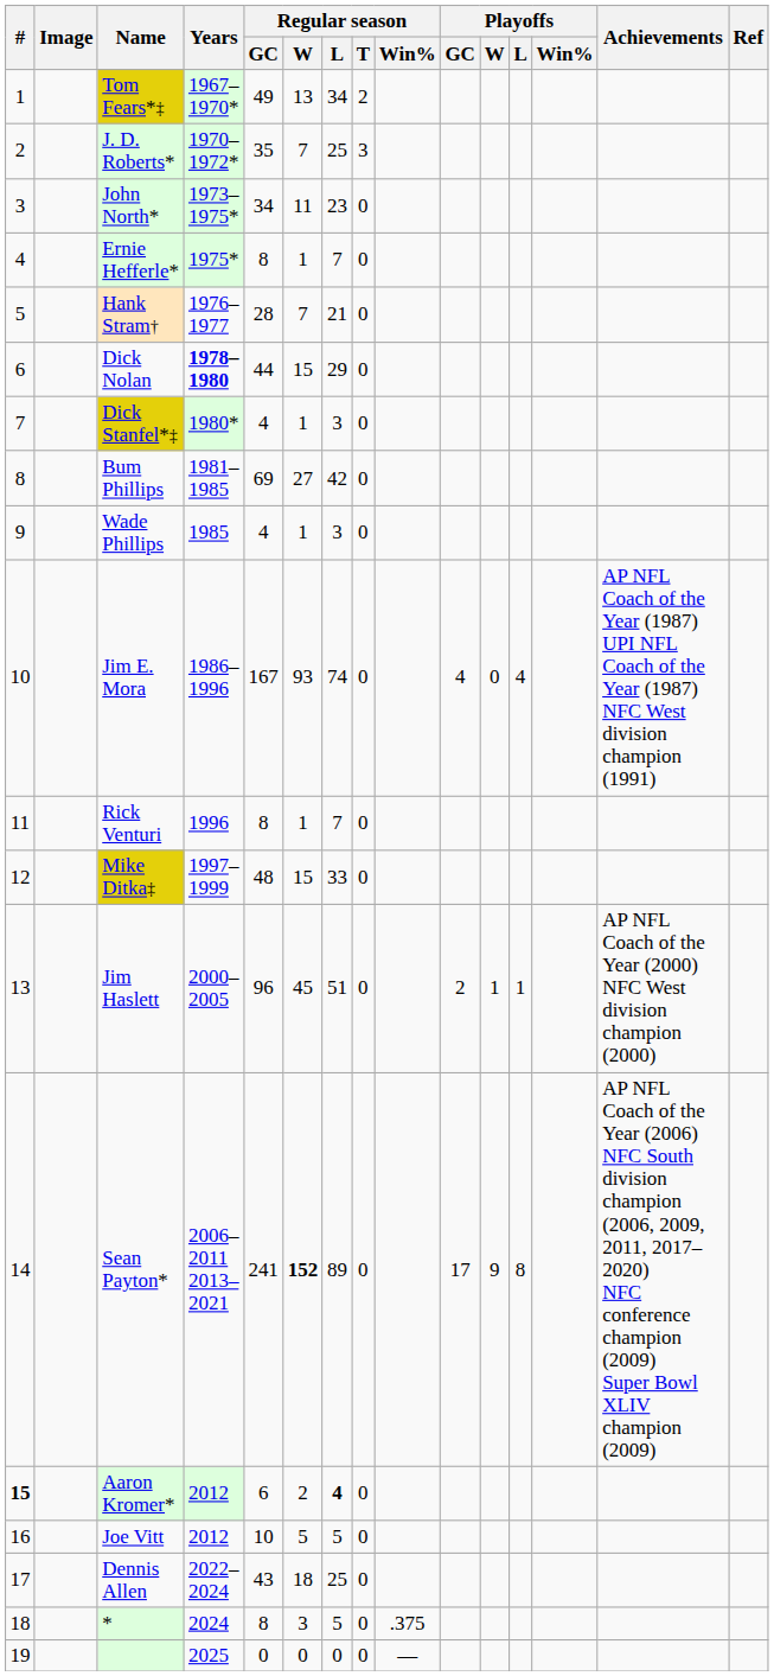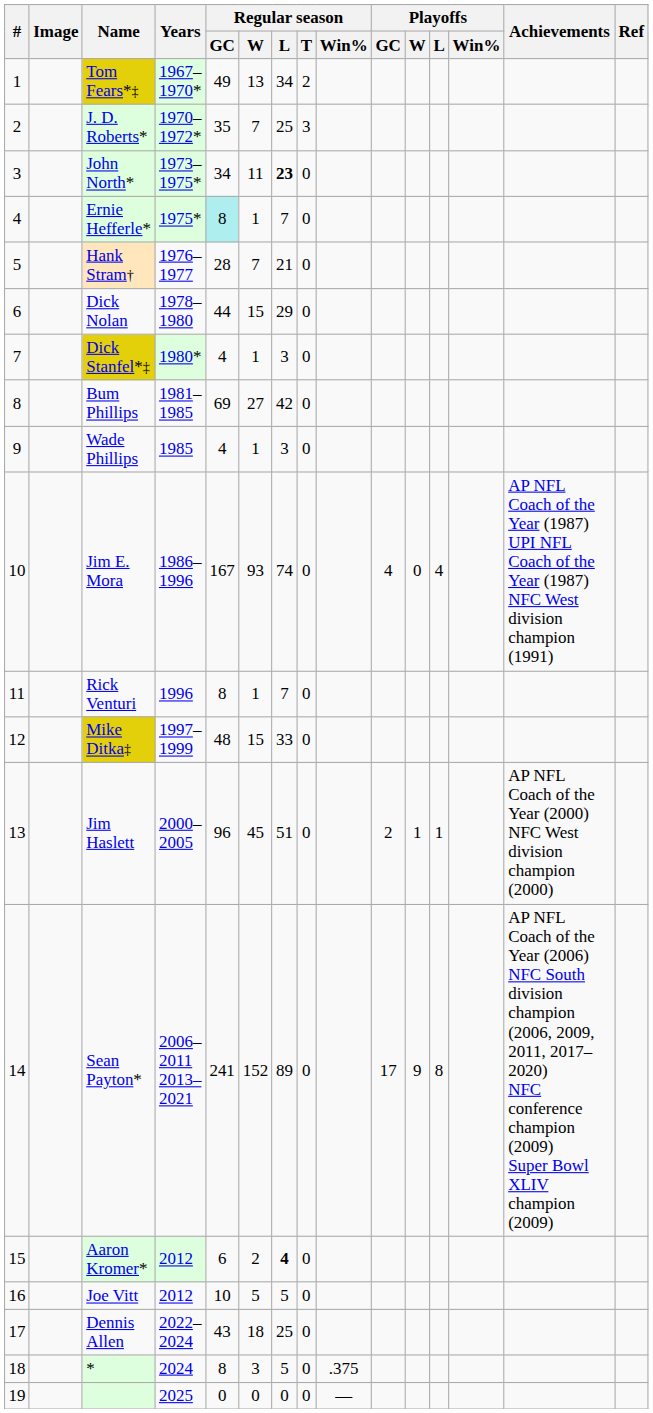 <table class="wikitable sortable" style="text-align:center;" border="1">
 <tr>
 <th rowspan="2">#</th>
 <th rowspan="2">Image</th>
 <th rowspan="2">Name</th>
 <th rowspan="2">Years</th>
 <th colspan="5">Regular season</th>
 <th colspan="4">Playoffs</th>
 <th rowspan="2">Achievements</th>
 <th rowspan="2">Ref</th>
 </tr>
 <tr>
 <th>GC</th>
 <th>W</th>
 <th>L</th>
 <th>T</th>
 <th>Win%</th>
 <th>GC</th>
 <th>W</th>
 <th>L</th>
 <th>Win%</th>
 </tr>
 <tr>
 <td>1</td>
 <td></td>
 <td style="text-align:left; background-color:#E4D00A;"><a href='#'>Tom Fears</a>*<small>‡</small></td>
 <td style="text-align:left; background-color:#ddffdd;"><a href='#'>1967</a>–<a href='#'>1970</a>*</td>
 <td>49</td>
 <td>13</td>
 <td>34</td>
 <td>2</td>
 <td></td>
 <td></td>
 <td></td>
 <td></td>
 <td></td>
 <td style="text-align:left;"></td>
 <td></td>
 </tr>
 <tr>
 <td>2</td>
 <td></td>
 <td style="text-align:left; background-color:#ddffdd;"><a href='#'>J. D. Roberts</a>*</td>
 <td style="text-align:left; background-color:#ddffdd;"><a href='#'>1970</a>–<a href='#'>1972</a>*</td>
 <td>35</td>
 <td>7</td>
 <td>25</td>
 <td>3</td>
 <td></td>
 <td></td>
 <td></td>
 <td></td>
 <td></td>
 <td style="text-align:left;"></td>
 <td></td>
 </tr>
 <tr>
 <td>3</td>
 <td></td>
 <td style="text-align:left; background-color:#ddffdd;"><a href='#'>John North</a>*</td>
 <td style="text-align:left; background-color:#ddffdd;"><a href='#'>1973</a>–<a href='#'>1975</a>*</td>
 <td>34</td>
 <td>11</td>
-<td>23</td>
+<td><strong>23</strong></td>
 <td>0</td>
 <td></td>
 <td></td>
 <td></td>
 <td></td>
 <td></td>
 <td style="text-align:left;"></td>
 <td></td>
 </tr>
 <tr>
 <td>4</td>
 <td></td>
 <td style="text-align:left; background-color:#ddffdd;"><a href='#'>Ernie Hefferle</a>*</td>
 <td style="text-align:left; background-color:#ddffdd;"><a href='#'>1975</a>*</td>
-<td>8</td>
+<td style="background: paleturquoise;">8</td>
 <td>1</td>
 <td>7</td>
 <td>0</td>
 <td></td>
 <td></td>
 <td></td>
 <td></td>
 <td></td>
 <td style="text-align:left;"></td>
 <td></td>
 </tr>
 <tr>
 <td>5</td>
 <td></td>
 <td style="text-align:left; background-color:#FFE6BD;"><a href='#'>Hank Stram</a><small>†</small></td>
 <td style="text-align:left;"><a href='#'>1976</a>–<a href='#'>1977</a></td>
 <td>28</td>
 <td>7</td>
 <td>21</td>
 <td>0</td>
 <td></td>
 <td></td>
 <td></td>
 <td></td>
 <td></td>
 <td style="text-align:left;"></td>
 <td></td>
 </tr>
 <tr>
 <td>6</td>
 <td></td>
 <td style="text-align:left;"><a href='#'>Dick Nolan</a></td>
-<td style="text-align:left;"><strong><a href='#'>1978</a>–<a href='#'>1980</a></strong></td>
+<td style="text-align:left;"><a href='#'>1978</a>–<a href='#'>1980</a></td>
 <td>44</td>
 <td>15</td>
 <td>29</td>
 <td>0</td>
 <td></td>
 <td></td>
 <td></td>
 <td></td>
 <td></td>
 <td style="text-align:left;"></td>
 <td></td>
 </tr>
 <tr>
 <td>7</td>
 <td></td>
 <td style="text-align:left; background-color:#E4D00A;"><a href='#'>Dick Stanfel</a>*<small>‡</small></td>
 <td style="text-align:left; background-color:#ddffdd;"><a href='#'>1980</a>*</td>
 <td>4</td>
 <td>1</td>
 <td>3</td>
 <td>0</td>
 <td></td>
 <td></td>
 <td></td>
 <td></td>
 <td></td>
 <td style="text-align:left;"></td>
 <td></td>
 </tr>
 <tr>
 <td>8</td>
 <td></td>
 <td style="text-align:left;"><a href='#'>Bum Phillips</a></td>
 <td style="text-align:left;"><a href='#'>1981</a>–<a href='#'>1985</a></td>
 <td>69</td>
 <td>27</td>
 <td>42</td>
 <td>0</td>
 <td></td>
 <td></td>
 <td></td>
 <td></td>
 <td></td>
 <td style="text-align:left;"></td>
 <td></td>
 </tr>
 <tr>
 <td>9</td>
 <td></td>
 <td style="text-align:left;"><a href='#'>Wade Phillips</a></td>
 <td style="text-align:left;"><a href='#'>1985</a></td>
 <td>4</td>
 <td>1</td>
 <td>3</td>
 <td>0</td>
 <td></td>
 <td></td>
 <td></td>
 <td></td>
 <td></td>
 <td style="text-align:left;"></td>
 <td></td>
 </tr>
 <tr>
 <td>10</td>
 <td></td>
 <td style="text-align:left;"><a href='#'>Jim E. Mora</a></td>
 <td style="text-align:left;"><a href='#'>1986</a>–<a href='#'>1996</a></td>
 <td>167</td>
 <td>93</td>
 <td>74</td>
 <td>0</td>
 <td></td>
 <td>4</td>
 <td>0</td>
 <td>4</td>
 <td></td>
 <td style="text-align:left;"><a href='#'>AP NFL Coach of the Year</a> (1987)<br><a href='#'>UPI NFL Coach of the Year</a> (1987)<br><a href='#'>NFC West</a> division champion (1991)</td>
 <td></td>
 </tr>
 <tr>
 <td>11</td>
 <td></td>
 <td style="text-align:left;"><a href='#'>Rick Venturi</a></td>
 <td style="text-align:left;"><a href='#'>1996</a></td>
 <td>8</td>
 <td>1</td>
 <td>7</td>
 <td>0</td>
 <td></td>
 <td></td>
 <td></td>
 <td></td>
 <td></td>
 <td style="text-align:left;"></td>
 <td></td>
 </tr>
 <tr>
 <td>12</td>
 <td></td>
 <td style="text-align:left; background-color:#E4D00A;"><a href='#'>Mike Ditka</a><small>‡</small></td>
 <td style="text-align:left;"><a href='#'>1997</a>–<a href='#'>1999</a></td>
 <td>48</td>
 <td>15</td>
 <td>33</td>
 <td>0</td>
 <td></td>
 <td></td>
 <td></td>
 <td></td>
 <td></td>
 <td style="text-align:left;"></td>
 <td></td>
 </tr>
 <tr>
 <td>13</td>
 <td></td>
 <td style="text-align:left;"><a href='#'>Jim Haslett</a></td>
 <td style="text-align:left;"><a href='#'>2000</a>–<a href='#'>2005</a></td>
 <td>96</td>
 <td>45</td>
 <td>51</td>
 <td>0</td>
 <td></td>
 <td>2</td>
 <td>1</td>
 <td>1</td>
 <td></td>
 <td style="text-align:left;">AP NFL Coach of the Year (2000)<br>NFC West division champion (2000)</td>
 <td></td>
 </tr>
 <tr>
 <td>14</td>
 <td></td>
 <td style="text-align:left;"><a href='#'>Sean Payton</a>*</td>
 <td style="text-align:left;"><a href='#'>2006</a>–<a href='#'>2011</a><br><a href='#'>2013–</a><a href='#'>2021</a></td>
 <td>241</td>
-<td><strong>152</strong></td>
+<td>152</td>
 <td>89</td>
 <td>0</td>
 <td></td>
 <td>17</td>
 <td>9</td>
 <td>8</td>
 <td></td>
 <td style="text-align:left;">AP NFL Coach of the Year (2006)<br><a href='#'>NFC South</a> division champion (2006, 2009, 2011, 2017–2020)<br><a href='#'>NFC</a> conference champion (2009)<br><a href='#'>Super Bowl XLIV</a> champion (2009)</td>
 <td></td>
 </tr>
 <tr>
-<td><strong>15</strong></td>
+<td>15</td>
 <td></td>
 <td style="text-align:left; background-color:#ddffdd;"><a href='#'>Aaron Kromer</a>*</td>
 <td style="text-align:left; background-color:#ddffdd;"><a href='#'>2012</a></td>
 <td>6</td>
 <td>2</td>
 <td><strong>4</strong></td>
 <td>0</td>
 <td></td>
 <td></td>
 <td></td>
 <td></td>
 <td></td>
 <td style="text-align:left;"></td>
 <td></td>
 </tr>
 <tr>
 <td>16</td>
 <td></td>
 <td style="text-align:left;"><a href='#'>Joe Vitt</a></td>
 <td style="text-align:left;"><a href='#'>2012</a></td>
 <td>10</td>
 <td>5</td>
 <td>5</td>
 <td>0</td>
 <td></td>
 <td></td>
 <td></td>
 <td></td>
 <td></td>
 <td style="text-align:left;"></td>
 <td></td>
 </tr>
 <tr>
 <td>17</td>
 <td></td>
 <td style="text-align:left;"><a href='#'>Dennis Allen</a></td>
 <td style="text-align:left;"><a href='#'>2022</a>–<a href='#'>2024</a></td>
 <td>43</td>
 <td>18</td>
 <td>25</td>
 <td>0</td>
 <td></td>
 <td></td>
 <td></td>
 <td></td>
 <td></td>
 <td></td>
 <td></td>
 </tr>
 <tr>
 <td>18</td>
 <td></td>
 <td align="left" style="background-color:#ddffdd">*</td>
 <td style="text-align:left;"><a href='#'>2024</a></td>
 <td>8</td>
 <td>3</td>
 <td>5</td>
 <td>0</td>
 <td>.375</td>
 <td></td>
 <td></td>
 <td></td>
 <td></td>
 <td></td>
 <td></td>
 </tr>
 <tr>
 <td>19</td>
 <td></td>
 <td align="left" style="background-color:#ddffdd"></td>
 <td style="text-align:left;"><a href='#'>2025</a></td>
 <td>0</td>
 <td>0</td>
 <td>0</td>
 <td>0</td>
 <td>—</td>
 <td></td>
 <td></td>
 <td></td>
 <td></td>
 <td></td>
 <td></td>
 </tr>
 </table>
